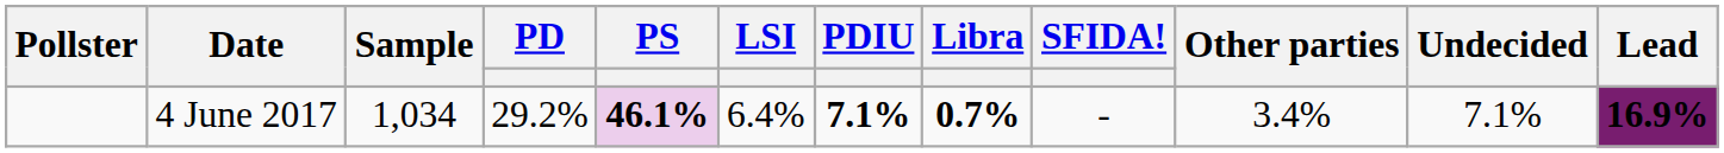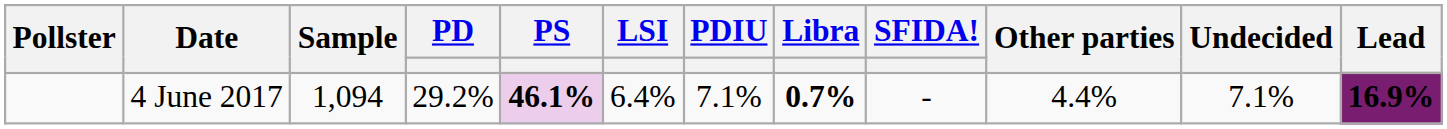 <table class=wikitable style=text-align:center;font-size:90%;>
 <tr>
 <th rowspan="2">Pollster</th>
 <th rowspan="2">Date</th>
 <th rowspan="2">Sample</th>
 <th><a href='#'>PD</a></th>
 <th><a href='#'>PS</a></th>
 <th><a href='#'>LSI</a></th>
 <th><a href='#'>PDIU</a></th>
 <th><a href='#'>Libra</a></th>
 <th><a href='#'>SFIDA!</a></th>
 <th rowspan="2">Other parties</th>
 <th rowspan="2">Undecided</th>
 <th rowspan="2">Lead</th>
 </tr>
 <tr>
 <th style="background:"></th>
 <th style="background:"></th>
 <th style="background:"></th>
 <th style="background:"></th>
 <th style="background:"></th>
 <th style="background:"></th>
 </tr>
 <tr>
 <td></td>
 <td>4 June 2017</td>
-<td>1,034</td>
+<td>1,094</td>
 <td>29.2%</td>
 <td bgcolor="#ECCEEC"><strong>46.1%</strong></td>
 <td>6.4%</td>
-<td><strong>7.1%</strong></td>
+<td>7.1%</td>
 <td><strong>0.7%</strong></td>
 <td>-</td>
-<td>3.4%</td>
+<td>4.4%</td>
 <td>7.1%</td>
 <td bgcolor="#781D6F"><span><strong>16.9%</strong> </span></td>
 </tr>
 </table>
